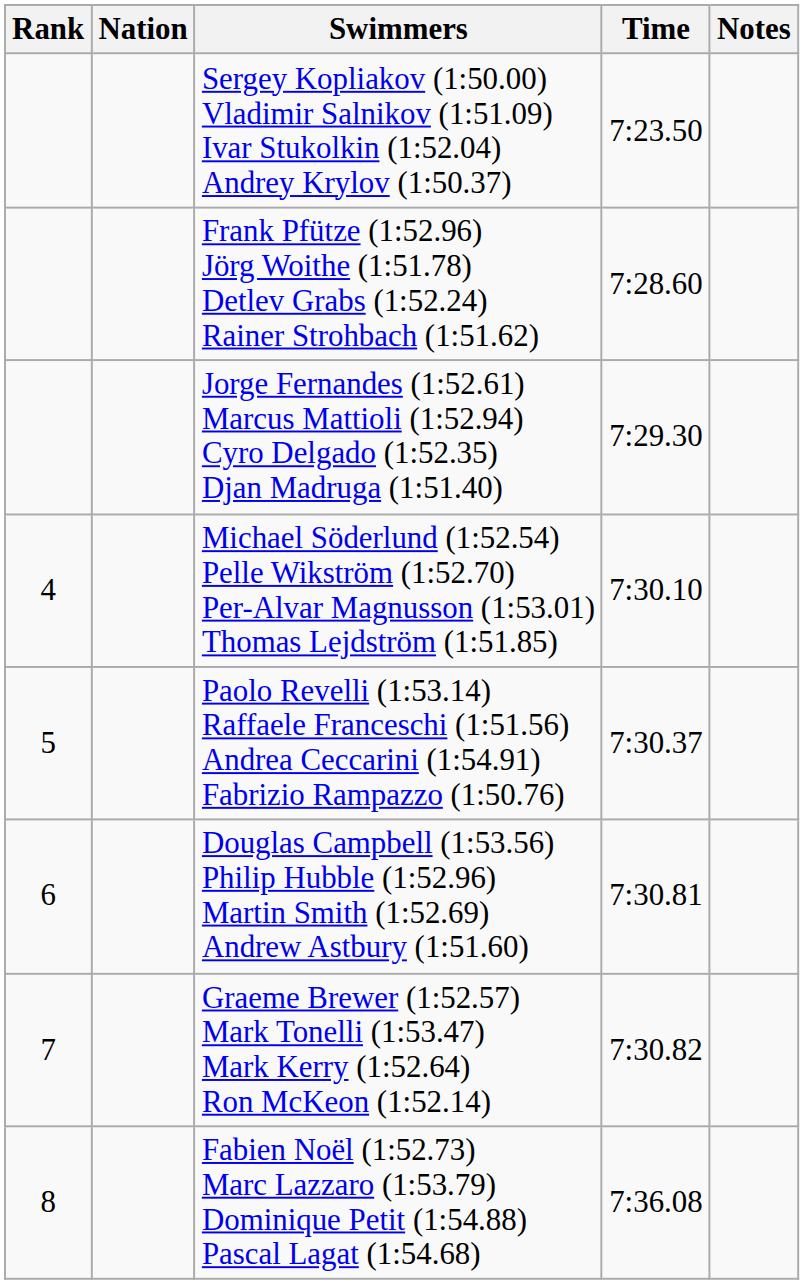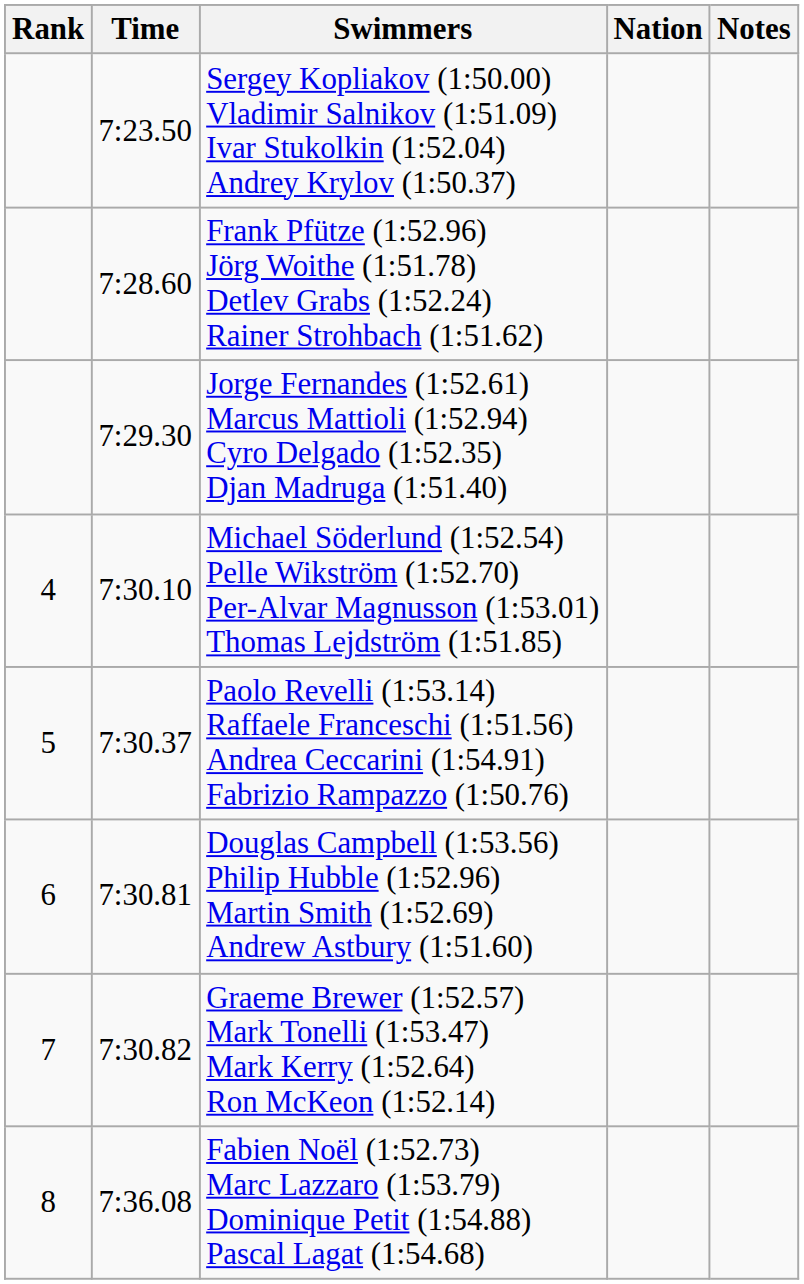 <table class="wikitable sortable" style="text-align:center">
 <tr>
 <th>Rank</th>
+<th>Time</th>
+<th>Swimmers</th>
 <th>Nation</th>
-<th>Swimmers</th>
-<th>Time</th>
 <th>Notes</th>
 </tr>
 <tr>
 <td></td>
+<td>7:23.50</td>
+<td align=left><a href='#'>Sergey Kopliakov</a> (1:50.00)<br><a href='#'>Vladimir Salnikov</a> (1:51.09)<br><a href='#'>Ivar Stukolkin</a> (1:52.04)<br><a href='#'>Andrey Krylov</a> (1:50.37)</td>
 <td align=left></td>
-<td align=left><a href='#'>Sergey Kopliakov</a> (1:50.00)<br><a href='#'>Vladimir Salnikov</a> (1:51.09)<br><a href='#'>Ivar Stukolkin</a> (1:52.04)<br><a href='#'>Andrey Krylov</a> (1:50.37)</td>
-<td>7:23.50</td>
 <td></td>
 </tr>
 <tr>
 <td></td>
+<td>7:28.60</td>
+<td align=left><a href='#'>Frank Pfütze</a> (1:52.96)<br><a href='#'>Jörg Woithe</a> (1:51.78)<br><a href='#'>Detlev Grabs</a> (1:52.24)<br><a href='#'>Rainer Strohbach</a> (1:51.62)</td>
 <td align=left></td>
-<td align=left><a href='#'>Frank Pfütze</a> (1:52.96)<br><a href='#'>Jörg Woithe</a> (1:51.78)<br><a href='#'>Detlev Grabs</a> (1:52.24)<br><a href='#'>Rainer Strohbach</a> (1:51.62)</td>
-<td>7:28.60</td>
 <td></td>
 </tr>
 <tr>
 <td></td>
+<td>7:29.30</td>
+<td align=left><a href='#'>Jorge Fernandes</a> (1:52.61)<br><a href='#'>Marcus Mattioli</a> (1:52.94)<br><a href='#'>Cyro Delgado</a> (1:52.35)<br><a href='#'>Djan Madruga</a> (1:51.40)</td>
 <td align=left></td>
-<td align=left><a href='#'>Jorge Fernandes</a> (1:52.61)<br><a href='#'>Marcus Mattioli</a> (1:52.94)<br><a href='#'>Cyro Delgado</a> (1:52.35)<br><a href='#'>Djan Madruga</a> (1:51.40)</td>
-<td>7:29.30</td>
 <td></td>
 </tr>
 <tr>
 <td>4</td>
+<td>7:30.10</td>
+<td align=left><a href='#'>Michael Söderlund</a> (1:52.54)<br><a href='#'>Pelle Wikström</a> (1:52.70)<br><a href='#'>Per-Alvar Magnusson</a> (1:53.01)<br><a href='#'>Thomas Lejdström</a> (1:51.85)</td>
 <td align=left></td>
-<td align=left><a href='#'>Michael Söderlund</a> (1:52.54)<br><a href='#'>Pelle Wikström</a> (1:52.70)<br><a href='#'>Per-Alvar Magnusson</a> (1:53.01)<br><a href='#'>Thomas Lejdström</a> (1:51.85)</td>
-<td>7:30.10</td>
 <td></td>
 </tr>
 <tr>
 <td>5</td>
+<td>7:30.37</td>
+<td align=left><a href='#'>Paolo Revelli</a> (1:53.14)<br><a href='#'>Raffaele Franceschi</a> (1:51.56)<br><a href='#'>Andrea Ceccarini</a> (1:54.91)<br><a href='#'>Fabrizio Rampazzo</a> (1:50.76)</td>
 <td align=left></td>
-<td align=left><a href='#'>Paolo Revelli</a> (1:53.14)<br><a href='#'>Raffaele Franceschi</a> (1:51.56)<br><a href='#'>Andrea Ceccarini</a> (1:54.91)<br><a href='#'>Fabrizio Rampazzo</a> (1:50.76)</td>
-<td>7:30.37</td>
 <td></td>
 </tr>
 <tr>
 <td>6</td>
+<td>7:30.81</td>
+<td align=left><a href='#'>Douglas Campbell</a> (1:53.56)<br><a href='#'>Philip Hubble</a> (1:52.96)<br><a href='#'>Martin Smith</a> (1:52.69)<br><a href='#'>Andrew Astbury</a> (1:51.60)</td>
 <td align=left></td>
-<td align=left><a href='#'>Douglas Campbell</a> (1:53.56)<br><a href='#'>Philip Hubble</a> (1:52.96)<br><a href='#'>Martin Smith</a> (1:52.69)<br><a href='#'>Andrew Astbury</a> (1:51.60)</td>
-<td>7:30.81</td>
 <td></td>
 </tr>
 <tr>
 <td>7</td>
+<td>7:30.82</td>
+<td align=left><a href='#'>Graeme Brewer</a> (1:52.57)<br><a href='#'>Mark Tonelli</a> (1:53.47)<br><a href='#'>Mark Kerry</a> (1:52.64)<br><a href='#'>Ron McKeon</a> (1:52.14)</td>
 <td align=left></td>
-<td align=left><a href='#'>Graeme Brewer</a> (1:52.57)<br><a href='#'>Mark Tonelli</a> (1:53.47)<br><a href='#'>Mark Kerry</a> (1:52.64)<br><a href='#'>Ron McKeon</a> (1:52.14)</td>
-<td>7:30.82</td>
 <td></td>
 </tr>
 <tr>
 <td>8</td>
+<td>7:36.08</td>
+<td align=left><a href='#'>Fabien Noël</a> (1:52.73)<br><a href='#'>Marc Lazzaro</a> (1:53.79)<br><a href='#'>Dominique Petit</a> (1:54.88)<br><a href='#'>Pascal Lagat</a> (1:54.68)</td>
 <td align=left></td>
-<td align=left><a href='#'>Fabien Noël</a> (1:52.73)<br><a href='#'>Marc Lazzaro</a> (1:53.79)<br><a href='#'>Dominique Petit</a> (1:54.88)<br><a href='#'>Pascal Lagat</a> (1:54.68)</td>
-<td>7:36.08</td>
 <td></td>
 </tr>
 </table>
